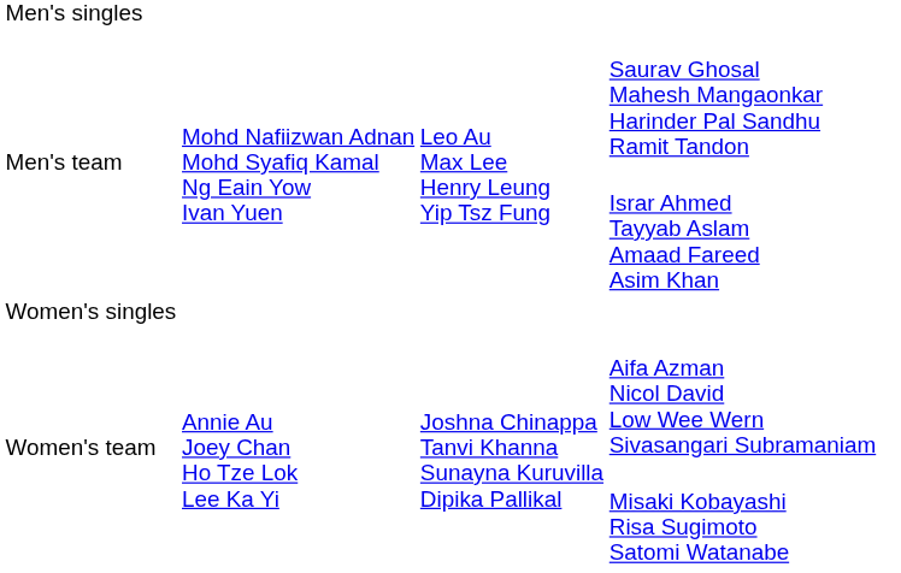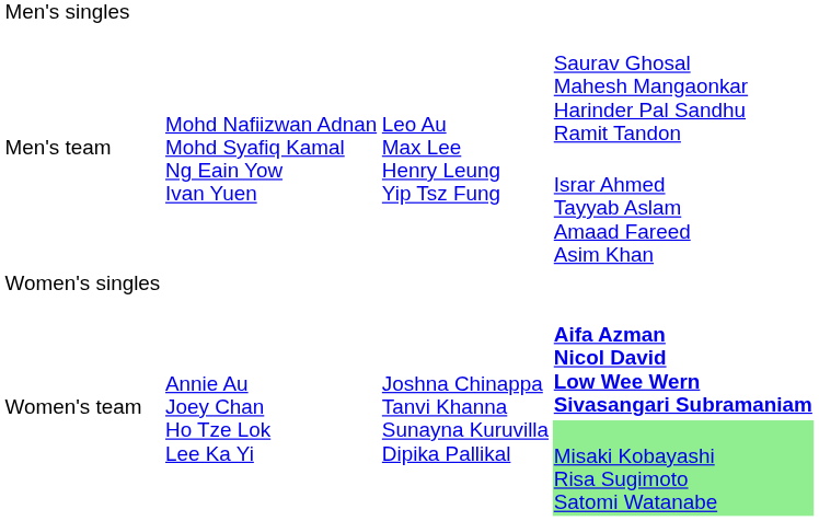 <table>
 <tr>
 <td rowspan=2>Men's singles<br></td>
 <td rowspan=2></td>
 <td rowspan=2></td>
 <td></td>
 </tr>
 <tr>
 <td></td>
 </tr>
 <tr>
 <td rowspan=2>Men's team<br></td>
 <td rowspan=2><br><a href='#'>Mohd Nafiizwan Adnan</a><br><a href='#'>Mohd Syafiq Kamal</a><br><a href='#'>Ng Eain Yow</a><br><a href='#'>Ivan Yuen</a></td>
 <td rowspan=2><br><a href='#'>Leo Au</a><br><a href='#'>Max Lee</a><br><a href='#'>Henry Leung</a><br><a href='#'>Yip Tsz Fung</a></td>
 <td><br><a href='#'>Saurav Ghosal</a><br><a href='#'>Mahesh Mangaonkar</a><br><a href='#'>Harinder Pal Sandhu</a><br><a href='#'>Ramit Tandon</a></td>
 </tr>
 <tr>
 <td><br><a href='#'>Israr Ahmed</a><br><a href='#'>Tayyab Aslam</a><br><a href='#'>Amaad Fareed</a><br><a href='#'>Asim Khan</a></td>
 </tr>
 <tr>
 <td rowspan=2>Women's singles<br></td>
 <td rowspan=2></td>
 <td rowspan=2></td>
 <td></td>
 </tr>
 <tr>
 <td></td>
 </tr>
 <tr>
 <td rowspan=2>Women's team<br></td>
 <td rowspan=2><br><a href='#'>Annie Au</a><br><a href='#'>Joey Chan</a><br><a href='#'>Ho Tze Lok</a><br><a href='#'>Lee Ka Yi</a></td>
 <td rowspan=2><br><a href='#'>Joshna Chinappa</a><br><a href='#'>Tanvi Khanna</a><br><a href='#'>Sunayna Kuruvilla</a><br><a href='#'>Dipika Pallikal</a></td>
-<td><br><a href='#'>Aifa Azman</a><br><a href='#'>Nicol David</a><br><a href='#'>Low Wee Wern</a><br><a href='#'>Sivasangari Subramaniam</a></td>
+<td><strong><br><a href='#'>Aifa Azman</a><br><a href='#'>Nicol David</a><br><a href='#'>Low Wee Wern</a><br><a href='#'>Sivasangari Subramaniam</a></strong></td>
 </tr>
 <tr>
-<td><br><a href='#'>Misaki Kobayashi</a><br><a href='#'>Risa Sugimoto</a><br><a href='#'>Satomi Watanabe</a></td>
+<td style="background: lightgreen;"><br><a href='#'>Misaki Kobayashi</a><br><a href='#'>Risa Sugimoto</a><br><a href='#'>Satomi Watanabe</a></td>
 </tr>
 </table>
